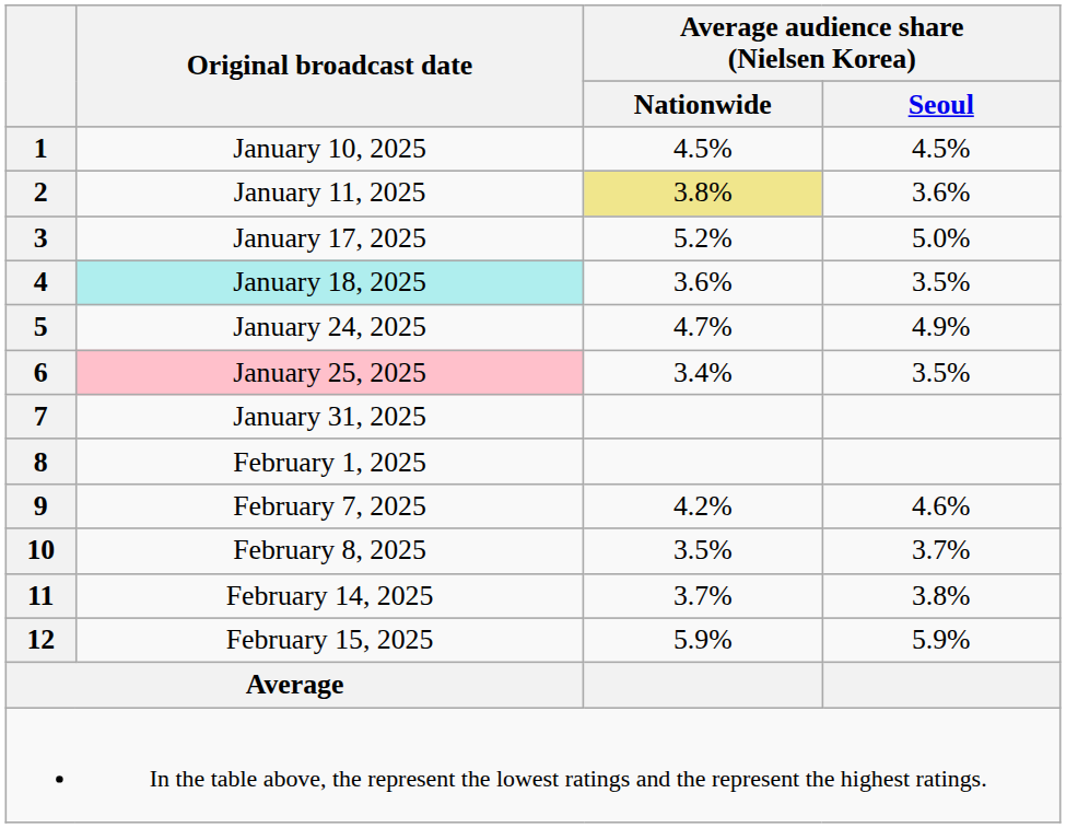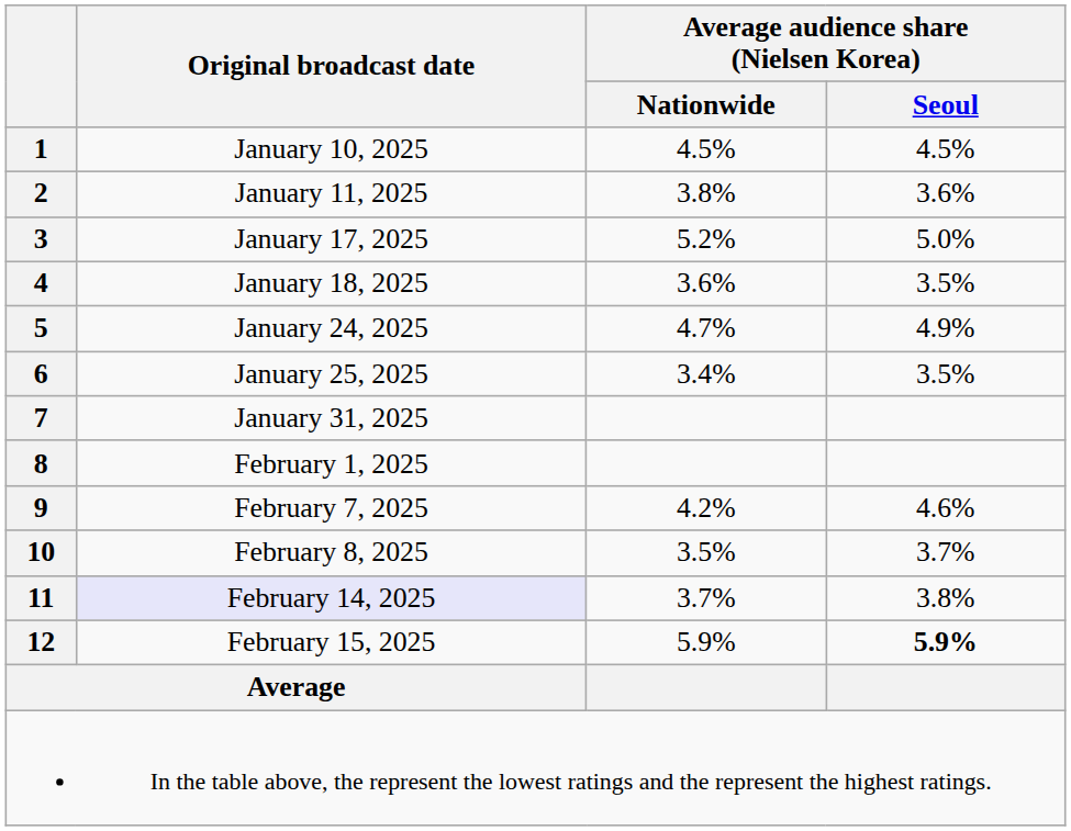 <table class="wikitable" style="margin-left:auto; margin-right:auto; width:600px; text-align:center">
 <tr>
 <th scope="col" rowspan="2"></th>
 <th scope="col" rowspan="2">Original broadcast date</th>
 <th scope="col" colspan="2">Average audience share<br>(Nielsen Korea)</th>
 </tr>
 <tr>
 <th scope="col" style="width:8em">Nationwide</th>
 <th scope="col" style="width:8em"><a href='#'>Seoul</a></th>
 </tr>
 <tr>
 <th scope="row">1</th>
 <td>January 10, 2025</td>
 <td>4.5% </td>
 <td>4.5% </td>
 </tr>
 <tr>
 <th scope="row">2</th>
 <td>January 11, 2025</td>
-<td style="background: khaki;">3.8% </td>
+<td>3.8% </td>
 <td>3.6% </td>
 </tr>
 <tr>
 <th scope="row">3</th>
 <td>January 17, 2025</td>
 <td>5.2% </td>
 <td>5.0% </td>
 </tr>
 <tr>
 <th scope="row">4</th>
-<td style="background: paleturquoise;">January 18, 2025</td>
+<td>January 18, 2025</td>
 <td>3.6% </td>
 <td>3.5% </td>
 </tr>
 <tr>
 <th scope="row">5</th>
 <td>January 24, 2025</td>
 <td>4.7% </td>
 <td>4.9% </td>
 </tr>
 <tr>
 <th scope="row">6</th>
-<td style="background: pink;">January 25, 2025</td>
+<td>January 25, 2025</td>
 <td>3.4% </td>
 <td>3.5% </td>
 </tr>
 <tr>
 <th scope="row">7</th>
 <td>January 31, 2025</td>
 <td><strong></strong> </td>
 <td><strong></strong> </td>
 </tr>
 <tr>
 <th scope="row">8</th>
 <td>February 1, 2025</td>
 <td><strong></strong> </td>
 <td><strong></strong> </td>
 </tr>
 <tr>
 <th scope="row">9</th>
 <td>February 7, 2025</td>
 <td>4.2% </td>
 <td>4.6% </td>
 </tr>
 <tr>
 <th scope="row">10</th>
 <td>February 8, 2025</td>
 <td>3.5% </td>
 <td>3.7% </td>
 </tr>
 <tr>
 <th scope="row">11</th>
-<td>February 14, 2025</td>
+<td style="background: lavender;">February 14, 2025</td>
 <td>3.7% </td>
 <td>3.8% </td>
 </tr>
 <tr>
 <th scope="row">12</th>
 <td>February 15, 2025</td>
 <td>5.9% </td>
-<td>5.9% </td>
+<td><strong>5.9% </strong></td>
 </tr>
 <tr>
 <th scope="col" colspan="2">Average</th>
 <th scope="col"></th>
 <th scope="col"></th>
 </tr>
 <tr>
 <td colspan="5" style="font-size:85%"><br><ul><li>In the table above, the <strong></strong> represent the lowest ratings and the <strong></strong> represent the highest ratings.</li></ul></td>
 </tr>
 </table>
